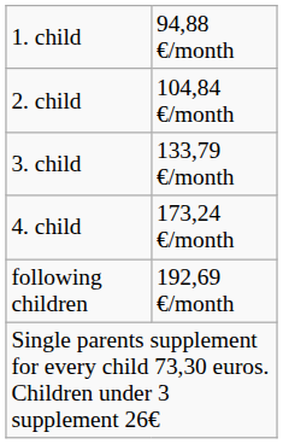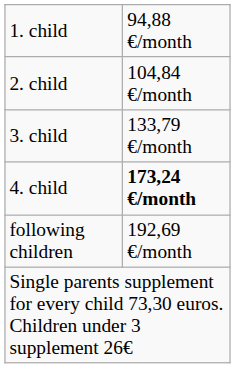 <table class="wikitable" style="width:30%;margin-left:1em;">
 <tr>
 <td>1. child</td>
 <td>94,88 €/month</td>
 </tr>
 <tr>
 <td>2. child</td>
 <td>104,84 €/month</td>
 </tr>
 <tr>
 <td>3. child</td>
 <td>133,79 €/month</td>
 </tr>
 <tr>
 <td>4. child</td>
-<td>173,24 €/month</td>
+<td><strong>173,24 €/month</strong></td>
 </tr>
 <tr>
 <td>following children</td>
 <td>192,69 €/month</td>
 </tr>
 <tr>
 <td colspan="2">Single parents supplement for every child 73,30 euros. Children under 3 supplement 26€</td>
 </tr>
 </table>
